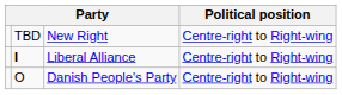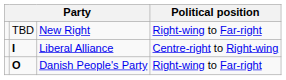 <table class="wikitable">
 <tr>
 <th colspan="3">Party</th>
 <th>Political position</th>
 </tr>
 <tr>
 <td></td>
 <td>TBD</td>
 <td><a href='#'>New Right</a></td>
-<td><a href='#'>Centre-right</a> to <a href='#'>Right-wing</a></td>
+<td><a href='#'>Right-wing</a> to  <a href='#'>Far-right</a></td>
 </tr>
 <tr>
 <td></td>
 <td><strong>I</strong></td>
 <td><a href='#'>Liberal Alliance</a></td>
 <td><a href='#'>Centre-right</a> to <a href='#'>Right-wing</a></td>
 </tr>
 <tr>
 <td></td>
-<td>O</td>
+<td><strong>O</strong></td>
 <td><a href='#'>Danish People's Party</a></td>
-<td><a href='#'>Centre-right</a> to <a href='#'>Right-wing</a></td>
+<td><a href='#'>Right-wing</a> to  <a href='#'>Far-right</a></td>
 </tr>
 </table>
